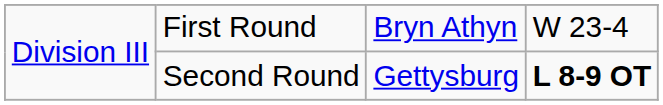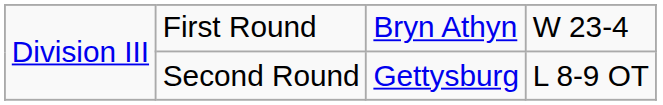 <table class="wikitable">
 <tr>
 <td rowspan="2"><a href='#'>Division III</a></td>
 <td>First Round</td>
 <td><a href='#'>Bryn Athyn</a></td>
 <td>W 23-4</td>
 </tr>
 <tr>
 <td>Second Round</td>
 <td><a href='#'>Gettysburg</a></td>
-<td><strong>L 8-9 OT</strong></td>
+<td>L 8-9 OT</td>
 </tr>
 </table>
